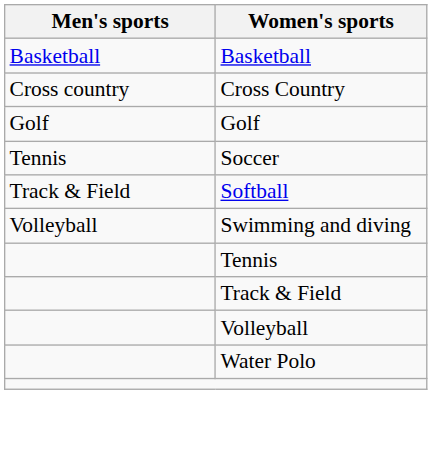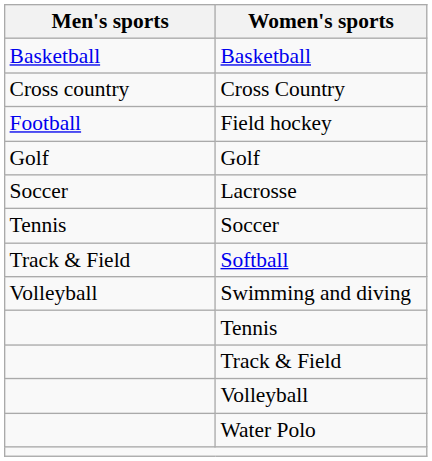 <table class="wikitable">
 <tr>
 <th width=150px>Men's sports</th>
 <th width=150px>Women's sports</th>
 </tr>
 <tr>
 <td><a href='#'>Basketball</a></td>
 <td><a href='#'>Basketball</a></td>
 </tr>
 <tr>
 <td>Cross country</td>
 <td>Cross Country</td>
 </tr>
 <tr>
+<td><a href='#'>Football</a></td>
+<td>Field hockey</td>
+</tr>
+<tr>
 <td>Golf</td>
 <td>Golf</td>
+</tr>
+<tr>
+<td>Soccer</td>
+<td>Lacrosse</td>
 </tr>
 <tr>
 <td>Tennis</td>
 <td>Soccer</td>
 </tr>
 <tr>
 <td>Track & Field</td>
 <td><a href='#'>Softball</a></td>
 </tr>
 <tr>
 <td>Volleyball</td>
 <td>Swimming and diving</td>
 </tr>
 <tr>
 <td></td>
 <td>Tennis</td>
 </tr>
 <tr>
 <td></td>
 <td>Track & Field</td>
 </tr>
 <tr>
 <td></td>
 <td>Volleyball</td>
 </tr>
 <tr>
 <td></td>
 <td>Water Polo</td>
 </tr>
 <tr>
 <td colspan="2"></td>
 </tr>
 </table>
